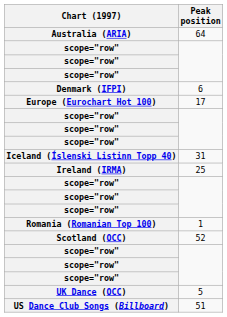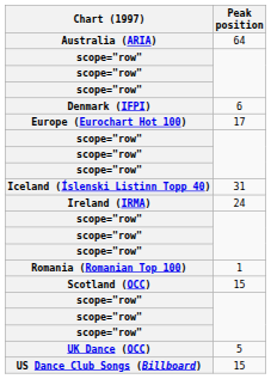 <table class="wikitable sortable plainrowheaders" style="text-align:center;">
 <tr>
 <th scope="col">Chart (1997)</th>
 <th scope="col">Peak<br>position</th>
 </tr>
 <tr>
 <th scope="row">Australia (<a href='#'>ARIA</a>)</th>
 <td>64</td>
 </tr>
 <tr>
 <th>scope="row" </th>
 </tr>
 <tr>
 <th>scope="row" </th>
 </tr>
 <tr>
 <th>scope="row" </th>
 </tr>
 <tr>
 <th scope="row">Denmark (<a href='#'>IFPI</a>)</th>
 <td>6</td>
 </tr>
 <tr>
 <th scope="row">Europe (<a href='#'>Eurochart Hot 100</a>)</th>
 <td>17</td>
 </tr>
 <tr>
 <th>scope="row" </th>
 </tr>
 <tr>
 <th>scope="row" </th>
 </tr>
 <tr>
 <th>scope="row" </th>
 </tr>
 <tr>
 <th scope="row">Iceland (<a href='#'>Íslenski Listinn Topp 40</a>)</th>
 <td>31</td>
 </tr>
 <tr>
 <th scope="row">Ireland (<a href='#'>IRMA</a>)</th>
-<td>25</td>
+<td>24</td>
 </tr>
 <tr>
 <th>scope="row" </th>
 </tr>
 <tr>
 <th>scope="row" </th>
 </tr>
 <tr>
 <th>scope="row" </th>
 </tr>
 <tr>
 <th scope="row">Romania (<a href='#'>Romanian Top 100</a>)</th>
 <td style="text-align:center;">1</td>
 </tr>
 <tr>
 <th scope="row">Scotland (<a href='#'>OCC</a>)</th>
-<td style="text-align:center;">52</td>
+<td style="text-align:center;">15</td>
 </tr>
 <tr>
 <th>scope="row" </th>
 </tr>
 <tr>
 <th>scope="row" </th>
 </tr>
 <tr>
 <th>scope="row" </th>
 </tr>
 <tr>
 <th scope="row"><a href='#'>UK Dance</a> (<a href='#'>OCC</a>)</th>
 <td style="text-align:center;">5</td>
 </tr>
 <tr>
 <th scope="row">US <a href='#'>Dance Club Songs</a> (<em><a href='#'>Billboard</a></em>)</th>
-<td style="text-align:center;">51</td>
+<td style="text-align:center;">15</td>
 </tr>
 </table>
